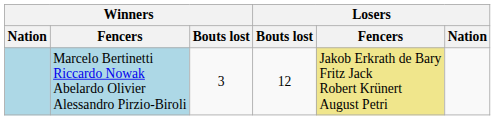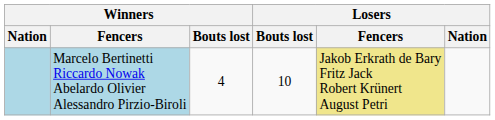 <table class=wikitable>
 <tr>
 <th colspan=3>Winners</th>
 <th colspan=3>Losers</th>
 </tr>
 <tr>
 <th>Nation</th>
 <th>Fencers</th>
 <th>Bouts lost</th>
 <th>Bouts lost</th>
 <th>Fencers</th>
 <th>Nation</th>
 </tr>
 <tr>
 <td bgcolor=lightblue></td>
 <td bgcolor=lightblue>Marcelo Bertinetti <br> <a href='#'>Riccardo Nowak</a> <br> Abelardo Olivier <br> Alessandro Pirzio-Biroli</td>
-<td align=center>3</td>
-<td align=center>12</td>
+<td align=center>4</td>
+<td align=center>10</td>
 <td style="background: khaki;">Jakob Erkrath de Bary <br> Fritz Jack <br> Robert Krünert <br> August Petri</td>
 <td></td>
 </tr>
 </table>
